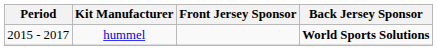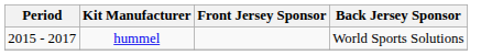 <table class="wikitable" style="text-align: center">
 <tr>
 <th>Period</th>
 <th>Kit Manufacturer</th>
 <th>Front Jersey Sponsor</th>
 <th>Back Jersey Sponsor</th>
 </tr>
 <tr>
 <td>2015 - 2017</td>
 <td> <a href='#'>hummel</a></td>
 <td></td>
-<td><strong> World Sports Solutions</strong></td>
+<td> World Sports Solutions</td>
 </tr>
 <tr>
 </tr>
 </table>
